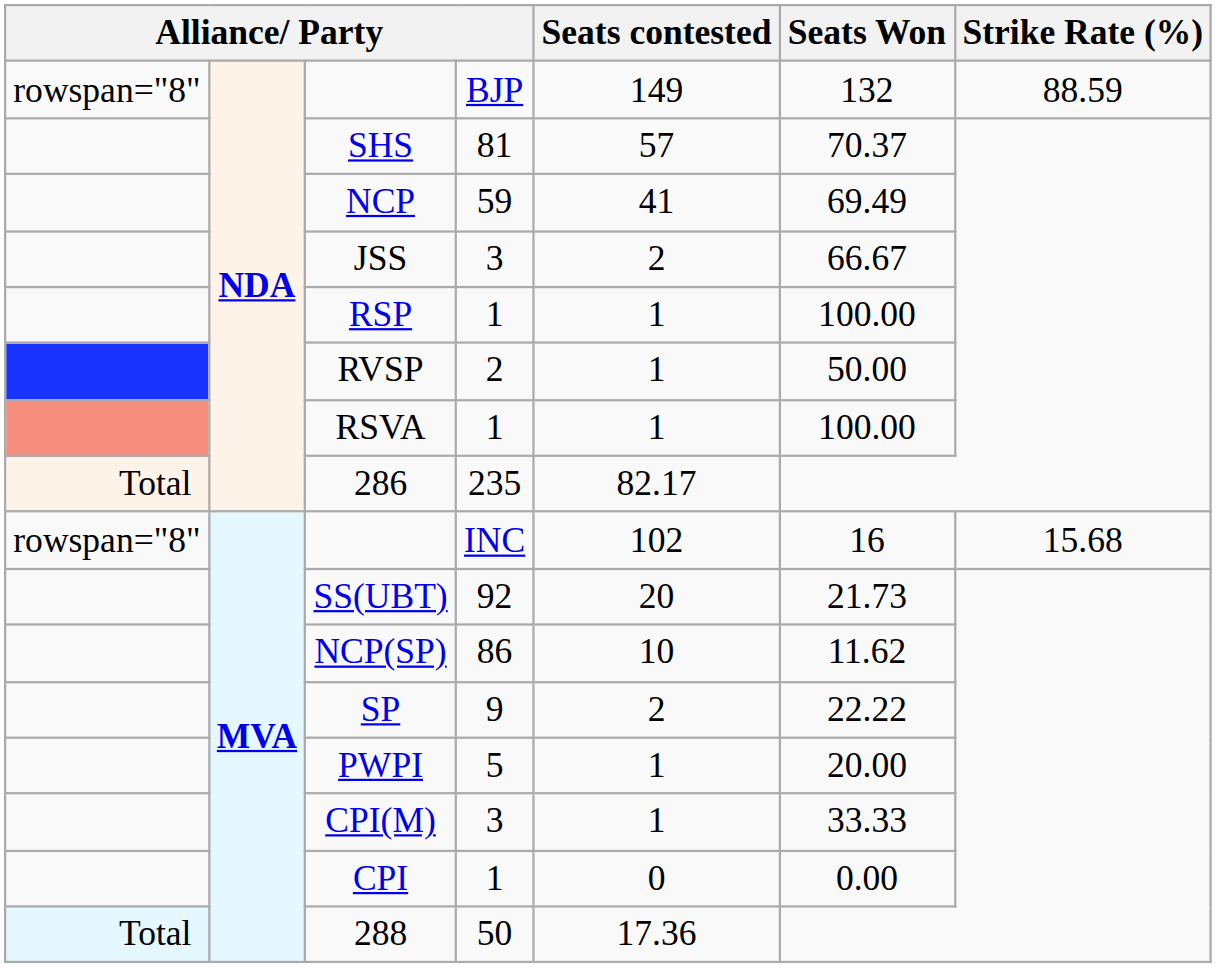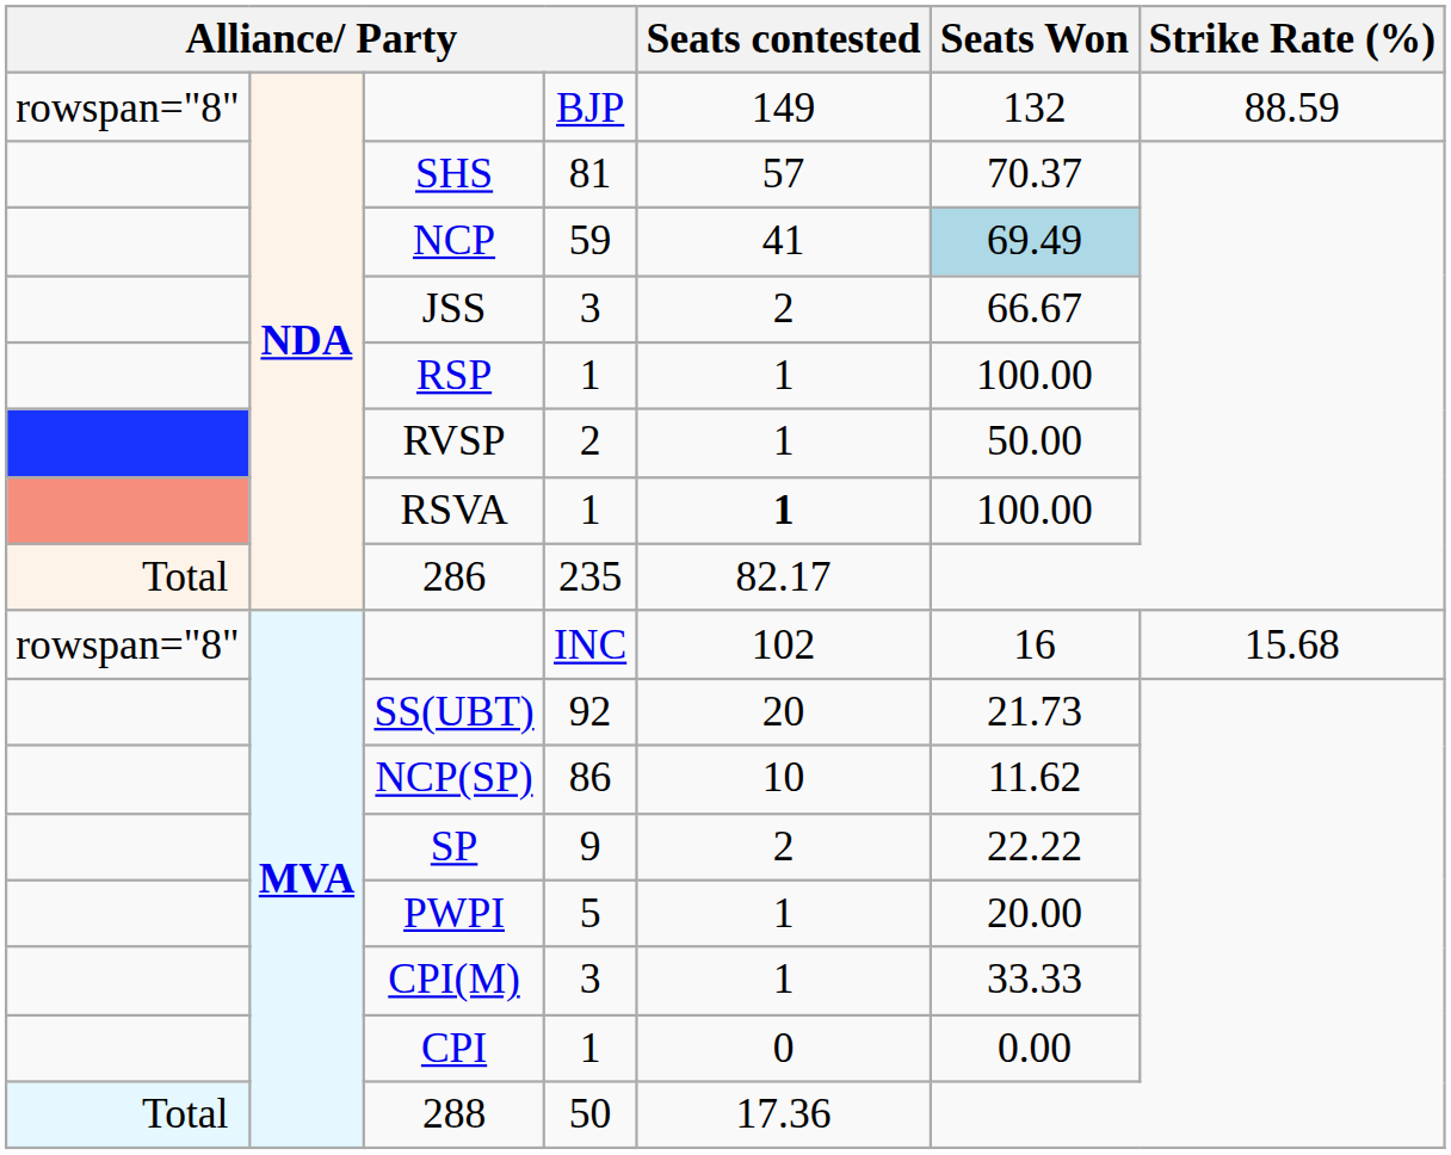 <table class="wikitable" style="text-align:center;">
 <tr>
 <th colspan="4">Alliance/ Party</th>
 <th>Seats contested</th>
 <th>Seats Won</th>
 <th>Strike Rate (%)</th>
 </tr>
 <tr>
 <td>rowspan="8" </td>
 <th rowspan="8" style="background:#fef3e8"><a href='#'>NDA</a></th>
 <td></td>
 <td><a href='#'>BJP</a></td>
 <td>149</td>
 <td>132</td>
 <td>88.59</td>
 </tr>
 <tr>
 <td></td>
 <td><a href='#'>SHS</a></td>
 <td>81</td>
 <td>57</td>
 <td>70.37</td>
 </tr>
 <tr>
 <td></td>
 <td><a href='#'>NCP</a></td>
 <td>59</td>
 <td>41</td>
-<td>69.49</td>
+<td style="background: lightblue;">69.49</td>
 </tr>
 <tr>
 <td></td>
 <td>JSS</td>
 <td>3</td>
 <td>2</td>
 <td>66.67</td>
 </tr>
 <tr>
 <td></td>
 <td><a href='#'>RSP</a></td>
 <td>1</td>
 <td>1</td>
 <td>100.00</td>
 </tr>
 <tr>
 <td bgcolor=#1A34FF></td>
 <td>RVSP</td>
 <td>2</td>
 <td>1</td>
 <td>50.00</td>
 </tr>
 <tr>
 <td bgcolor=#F58E7D></td>
 <td>RSVA</td>
 <td>1</td>
-<td>1</td>
+<td><strong>1</strong></td>
 <td>100.00</td>
 </tr>
 <tr>
 <td colspan="2" style="background:#fef3e8">Total</td>
 <td>286</td>
 <td>235</td>
 <td>82.17</td>
 </tr>
 <tr>
 <td>rowspan="8" </td>
 <th rowspan="8" style="background:#E5F8FF"><a href='#'>MVA</a></th>
 <td></td>
 <td><a href='#'>INC</a></td>
 <td>102</td>
 <td>16</td>
 <td>15.68</td>
 </tr>
 <tr>
 <td></td>
 <td><a href='#'>SS(UBT)</a></td>
 <td>92</td>
 <td>20</td>
 <td>21.73</td>
 </tr>
 <tr>
 <td></td>
 <td><a href='#'>NCP(SP)</a></td>
 <td>86</td>
 <td>10</td>
 <td>11.62</td>
 </tr>
 <tr>
 <td></td>
 <td><a href='#'>SP</a></td>
 <td>9</td>
 <td>2</td>
 <td>22.22</td>
 </tr>
 <tr>
 <td></td>
 <td><a href='#'>PWPI</a></td>
 <td>5</td>
 <td>1</td>
 <td>20.00</td>
 </tr>
 <tr>
 <td></td>
 <td><a href='#'>CPI(M)</a></td>
 <td>3</td>
 <td>1</td>
 <td>33.33</td>
 </tr>
 <tr>
 <td></td>
 <td><a href='#'>CPI</a></td>
 <td>1</td>
 <td>0</td>
 <td>0.00</td>
 </tr>
 <tr>
 <td colspan="2" style="background:#E5F8FF">Total</td>
 <td>288</td>
 <td>50</td>
 <td>17.36</td>
 </tr>
 </table>
